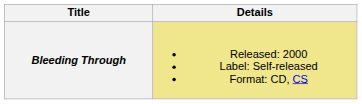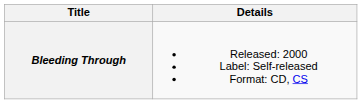 <table class="wikitable plainrowheaders" style="text-align:center;" border="1">
 <tr>
 <th scope="col" style="width:13em;">Title</th>
 <th scope="col" style="width:18em;">Details</th>
 </tr>
 <tr>
 <th scope="row"><em>Bleeding Through</em></th>
-<td style="background: khaki;"><br><ul><li>Released: 2000</li><li>Label: Self-released</li><li>Format: CD, <a href='#'>CS</a></li></ul></td>
+<td><br><ul><li>Released: 2000</li><li>Label: Self-released</li><li>Format: CD, <a href='#'>CS</a></li></ul></td>
 </tr>
 </table>
